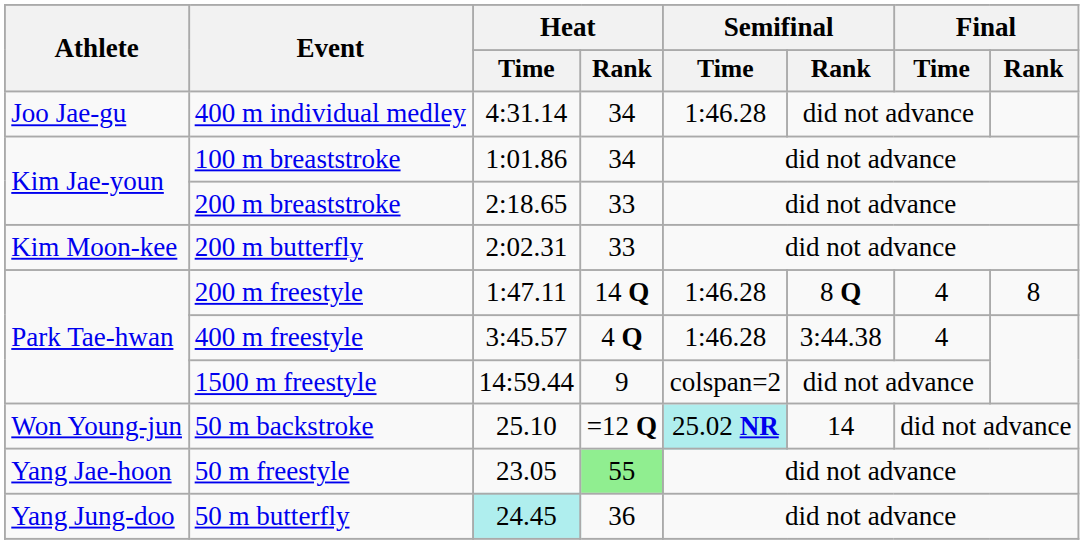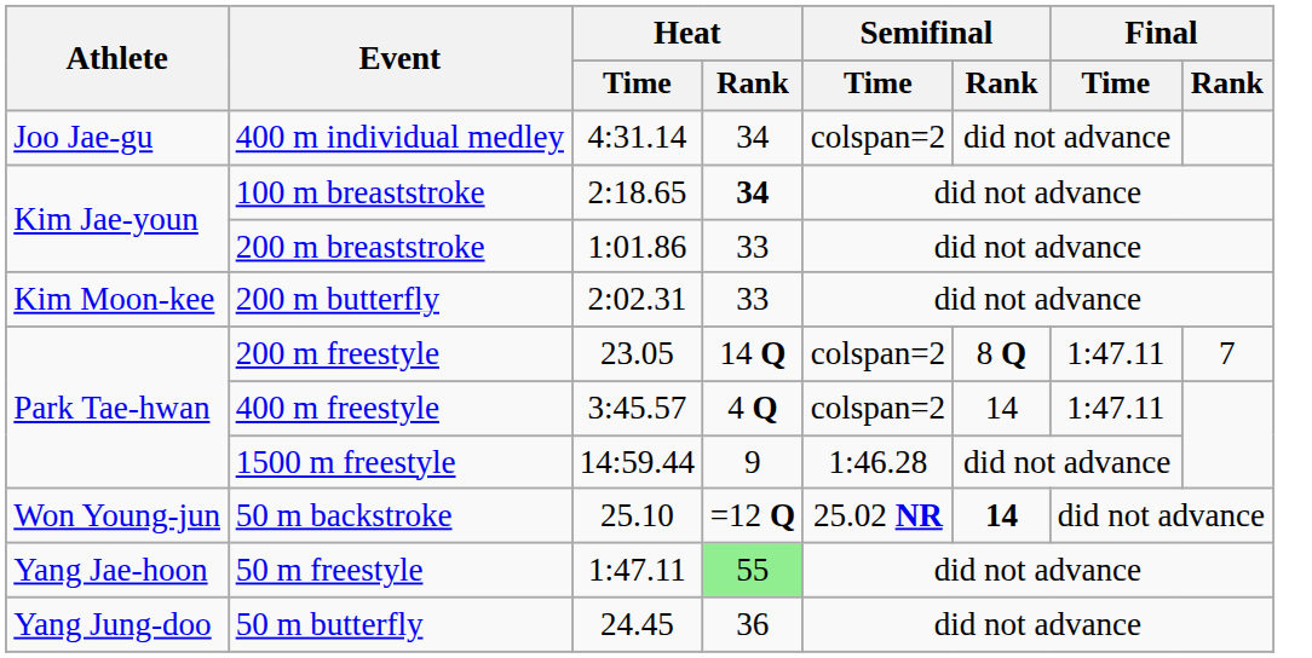 <table class=wikitable style="font-size:90%">
 <tr>
 <th rowspan="2">Athlete</th>
 <th rowspan="2">Event</th>
 <th colspan="2">Heat</th>
 <th colspan="2">Semifinal</th>
 <th colspan="2">Final</th>
 </tr>
 <tr style="font-size:95%">
 <th>Time</th>
 <th>Rank</th>
 <th>Time</th>
 <th>Rank</th>
 <th>Time</th>
 <th>Rank</th>
 </tr>
 <tr align=center>
 <td align=left><a href='#'>Joo Jae-gu</a></td>
 <td align=left><a href='#'>400 m individual medley</a></td>
 <td>4:31.14</td>
 <td>34</td>
-<td>1:46.28</td>
+<td>colspan=2 </td>
 <td colspan=2>did not advance</td>
 </tr>
 <tr align=center>
 <td align=left rowspan=2><a href='#'>Kim Jae-youn</a></td>
 <td align=left><a href='#'>100 m breaststroke</a></td>
-<td>1:01.86</td>
-<td>34</td>
+<td>2:18.65</td>
+<td><strong>34</strong></td>
 <td colspan=4>did not advance</td>
 </tr>
 <tr align=center>
 <td align=left><a href='#'>200 m breaststroke</a></td>
-<td>2:18.65</td>
+<td>1:01.86</td>
 <td>33</td>
 <td colspan=4>did not advance</td>
 </tr>
 <tr align=center>
 <td align=left><a href='#'>Kim Moon-kee</a></td>
 <td align=left><a href='#'>200 m butterfly</a></td>
 <td>2:02.31</td>
 <td>33</td>
 <td colspan=4>did not advance</td>
 </tr>
 <tr align=center>
 <td align=left rowspan=3><a href='#'>Park Tae-hwan</a></td>
 <td align=left><a href='#'>200 m freestyle</a></td>
+<td>23.05</td>
+<td>14 <strong>Q</strong></td>
+<td>colspan=2 </td>
+<td>8 <strong>Q</strong></td>
 <td>1:47.11</td>
-<td>14 <strong>Q</strong></td>
-<td>1:46.28</td>
-<td>8 <strong>Q</strong></td>
-<td>4</td>
-<td>8</td>
+<td>7</td>
 </tr>
 <tr align=center>
 <td align=left><a href='#'>400 m freestyle</a></td>
 <td>3:45.57</td>
 <td>4 <strong>Q</strong></td>
-<td>1:46.28</td>
-<td>3:44.38</td>
-<td>4</td>
+<td>colspan=2 </td>
+<td>14</td>
+<td>1:47.11</td>
 </tr>
 <tr align=center>
 <td align=left><a href='#'>1500 m freestyle</a></td>
 <td>14:59.44</td>
 <td>9</td>
-<td>colspan=2 </td>
+<td>1:46.28</td>
 <td colspan=2>did not advance</td>
 </tr>
 <tr align=center>
 <td align=left><a href='#'>Won Young-jun</a></td>
 <td align=left><a href='#'>50 m backstroke</a></td>
 <td>25.10</td>
 <td>=12 <strong>Q</strong></td>
-<td style="background: paleturquoise;">25.02 <strong><a href='#'>NR</a></strong></td>
-<td>14</td>
+<td>25.02 <strong><a href='#'>NR</a></strong></td>
+<td><strong>14</strong></td>
 <td colspan=2>did not advance</td>
 </tr>
 <tr align=center>
 <td align=left><a href='#'>Yang Jae-hoon</a></td>
 <td align=left><a href='#'>50 m freestyle</a></td>
-<td>23.05</td>
+<td>1:47.11</td>
 <td style="background: lightgreen;">55</td>
 <td colspan=4>did not advance</td>
 </tr>
 <tr align=center>
 <td align=left><a href='#'>Yang Jung-doo</a></td>
 <td align=left><a href='#'>50 m butterfly</a></td>
-<td style="background: paleturquoise;">24.45</td>
+<td>24.45</td>
 <td>36</td>
 <td colspan=4>did not advance</td>
 </tr>
 </table>
